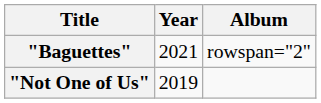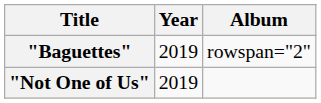 <table class="wikitable plainrowheaders" style="text-align:center;">
 <tr>
 <th scope="col" rowspan="1">Title</th>
 <th scope="col" rowspan="1">Year</th>
 <th scope="col" rowspan="1">Album</th>
 </tr>
 <tr>
 <th scope="row">"Baguettes"<br></th>
-<td>2021</td>
+<td>2019</td>
 <td>rowspan="2" </td>
 </tr>
 <tr>
 <th scope="row">"Not One of Us"<br></th>
 <td>2019</td>
 </tr>
 </table>
